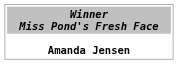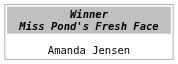 <table style="border-spacing: 2px; border: 1px solid darkgray; font-size: 90%; float:right;">
 <tr>
 <td width=180px align=center colspan=5 bgcolor=#C0C0C0><strong><em>Winner<br>Miss Pond's Fresh Face</em></strong></td>
 </tr>
 <tr>
 <td align=center></td>
 </tr>
 <tr>
 <td align=center><strong></strong></td>
 </tr>
 <tr>
-<td align=center><strong>Amanda Jensen</strong></td>
+<td align=center>Amanda Jensen</td>
 </tr>
 </table>
